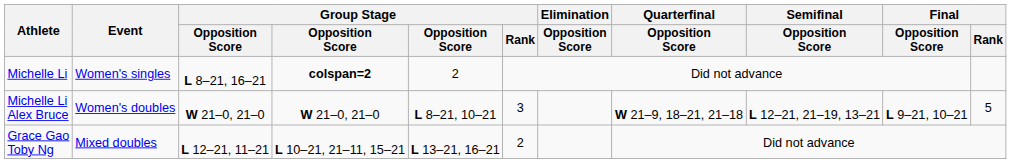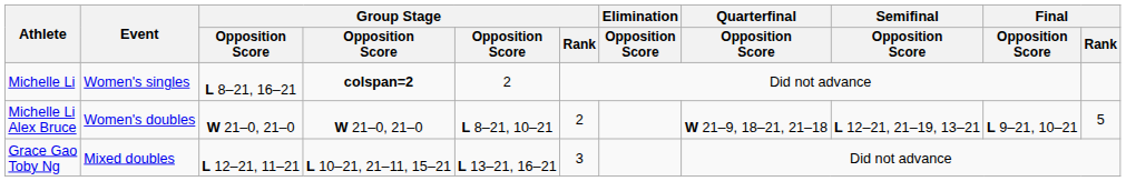 <table class="wikitable" style="font-size:90%">
 <tr>
 <th rowspan=2>Athlete</th>
 <th rowspan=2>Event</th>
 <th colspan=4>Group Stage</th>
 <th>Elimination</th>
 <th>Quarterfinal</th>
 <th>Semifinal</th>
 <th colspan=2>Final</th>
 </tr>
 <tr style="font-size:95%">
 <th>Opposition<br>Score</th>
 <th>Opposition<br>Score</th>
 <th>Opposition<br>Score</th>
 <th>Rank</th>
 <th>Opposition<br>Score</th>
 <th>Opposition<br>Score</th>
 <th>Opposition<br>Score</th>
 <th>Opposition<br>Score</th>
 <th>Rank</th>
 </tr>
 <tr align=center>
 <td align=left><a href='#'>Michelle Li</a></td>
 <td align=left><a href='#'>Women's singles</a></td>
 <td><br><strong>L</strong> 8–21, 16–21</td>
 <td><strong>colspan=2 </strong></td>
 <td>2</td>
 <td colspan=5>Did not advance</td>
 </tr>
 <tr align=center>
 <td align=left><a href='#'>Michelle Li</a><br><a href='#'>Alex Bruce</a></td>
 <td align=left><a href='#'>Women's doubles</a></td>
 <td><br><strong>W</strong> 21–0, 21–0 </td>
 <td><br><strong>W</strong> 21–0, 21–0 </td>
 <td><br><strong>L</strong> 8–21, 10–21</td>
-<td>3</td>
+<td>2</td>
 <td></td>
 <td><br><strong>W</strong> 21–9, 18–21, 21–18</td>
 <td><br><strong>L</strong> 12–21, 21–19, 13–21</td>
 <td><br><strong>L</strong> 9–21, 10–21</td>
 <td>5</td>
 </tr>
 <tr align=center>
 <td align=left><a href='#'>Grace Gao</a><br><a href='#'>Toby Ng</a></td>
 <td align=left><a href='#'>Mixed doubles</a></td>
 <td><br><strong>L</strong> 12–21, 11–21</td>
 <td><br><strong>L</strong> 10–21, 21–11, 15–21</td>
 <td><br><strong>L</strong> 13–21, 16–21</td>
-<td>2</td>
+<td>3</td>
 <td></td>
 <td colspan=4>Did not advance</td>
 </tr>
 </table>
